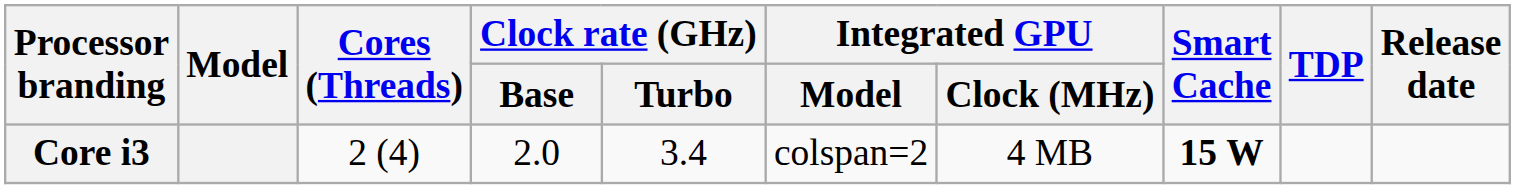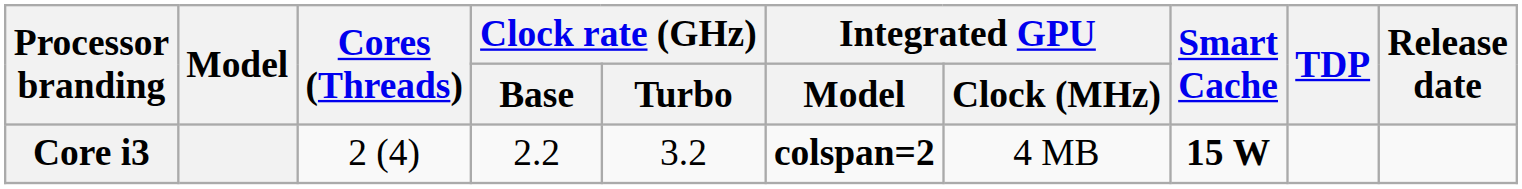 <table class="wikitable sortable nowrap" style="text-align: center;">
 <tr>
 <th class="unsortable" rowspan="2">Processor<br>branding</th>
 <th rowspan="2">Model</th>
 <th class="unsortable" rowspan="2"><a href='#'>Cores</a><br>(<a href='#'>Threads</a>)</th>
 <th colspan="2"><a href='#'>Clock rate</a> (GHz)</th>
 <th colspan="2">Integrated <a href='#'>GPU</a></th>
 <th class="unsortable" rowspan="2"><a href='#'>Smart<br>Cache</a></th>
 <th rowspan="2"><a href='#'>TDP</a></th>
 <th rowspan="2">Release<br>date</th>
 </tr>
 <tr>
 <th class="unsortable">Base</th>
 <th class="unsortable">Turbo</th>
 <th class="unsortable">Model</th>
 <th class="unsortable">Clock (MHz)</th>
 </tr>
 <tr>
 <th rowspan=1>Core i3</th>
 <th style="text-align:left;" data-sort-value="sku1"></th>
 <td>2 (4)</td>
-<td>2.0</td>
-<td>3.4</td>
-<td>colspan=2 </td>
+<td>2.2</td>
+<td>3.2</td>
+<td><strong>colspan=2 </strong></td>
 <td>4 MB</td>
 <td><strong>15 W</strong></td>
 <td></td>
 </tr>
 </table>
